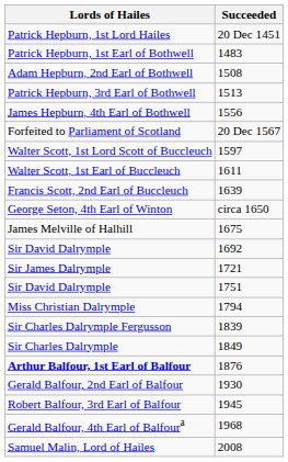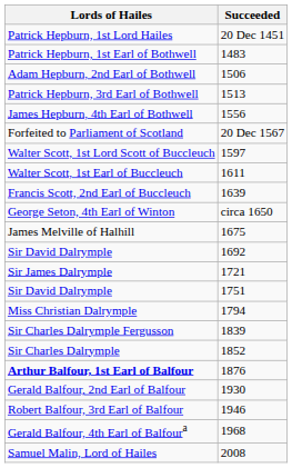 <table class="wikitable">
 <tr>
 <th>Lords of Hailes</th>
 <th>Succeeded</th>
 </tr>
 <tr>
 <td><a href='#'>Patrick Hepburn, 1st Lord Hailes</a></td>
 <td>20 Dec 1451</td>
 </tr>
 <tr>
 <td><a href='#'>Patrick Hepburn, 1st Earl of Bothwell</a></td>
 <td>1483</td>
 </tr>
 <tr>
 <td><a href='#'>Adam Hepburn, 2nd Earl of Bothwell</a></td>
-<td>1508</td>
+<td>1506</td>
 </tr>
 <tr>
 <td><a href='#'>Patrick Hepburn, 3rd Earl of Bothwell</a></td>
 <td>1513</td>
 </tr>
 <tr>
 <td><a href='#'>James Hepburn, 4th Earl of Bothwell</a></td>
 <td>1556</td>
 </tr>
 <tr>
 <td>Forfeited to <a href='#'>Parliament of Scotland</a></td>
 <td>20 Dec 1567</td>
 </tr>
 <tr>
 <td><a href='#'>Walter Scott, 1st Lord Scott of Buccleuch</a></td>
 <td>1597</td>
 </tr>
 <tr>
 <td><a href='#'>Walter Scott, 1st Earl of Buccleuch</a></td>
 <td>1611</td>
 </tr>
 <tr>
 <td><a href='#'>Francis Scott, 2nd Earl of Buccleuch</a></td>
 <td>1639</td>
 </tr>
 <tr>
 <td><a href='#'>George Seton, 4th Earl of Winton</a></td>
 <td>circa 1650</td>
 </tr>
 <tr>
 <td>James Melville of Halhill</td>
 <td>1675</td>
 </tr>
 <tr>
 <td><a href='#'>Sir David Dalrymple</a></td>
 <td>1692</td>
 </tr>
 <tr>
 <td><a href='#'>Sir James Dalrymple</a></td>
 <td>1721</td>
 </tr>
 <tr>
 <td><a href='#'>Sir David Dalrymple</a></td>
 <td>1751</td>
 </tr>
 <tr>
 <td><a href='#'>Miss Christian Dalrymple</a></td>
 <td>1794</td>
 </tr>
 <tr>
 <td><a href='#'>Sir Charles Dalrymple Fergusson</a></td>
 <td>1839</td>
 </tr>
 <tr>
 <td><a href='#'>Sir Charles Dalrymple</a></td>
-<td>1849</td>
+<td>1852</td>
 </tr>
 <tr>
 <td><strong><a href='#'>Arthur Balfour, 1st Earl of Balfour</a></strong></td>
 <td>1876</td>
 </tr>
 <tr>
 <td><a href='#'>Gerald Balfour, 2nd Earl of Balfour</a></td>
 <td>1930</td>
 </tr>
 <tr>
 <td><a href='#'>Robert Balfour, 3rd Earl of Balfour</a></td>
-<td>1945</td>
+<td>1946</td>
 </tr>
 <tr>
 <td><a href='#'>Gerald Balfour, 4th Earl of Balfour</a><sup>a</sup></td>
 <td>1968</td>
 </tr>
 <tr>
 <td><a href='#'>Samuel Malin, Lord of Hailes</a></td>
 <td>2008</td>
 </tr>
 </table>
